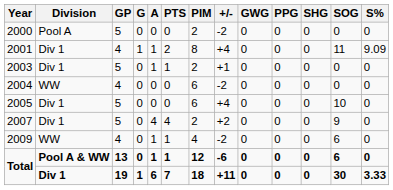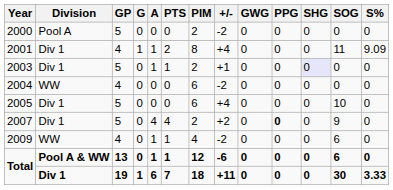 <table class="wikitable">
 <tr>
 <th>Year</th>
 <th>Division</th>
 <th>GP</th>
 <th>G</th>
 <th>A</th>
 <th>PTS</th>
 <th>PIM</th>
 <th>+/-</th>
 <th>GWG</th>
 <th>PPG</th>
 <th>SHG</th>
 <th>SOG</th>
 <th>S%</th>
 </tr>
 <tr>
 <td>2000</td>
 <td>Pool A</td>
 <td>5</td>
 <td>0</td>
 <td>0</td>
 <td>0</td>
 <td>2</td>
 <td>-2</td>
 <td>0</td>
 <td>0</td>
 <td>0</td>
 <td>0</td>
 <td>0</td>
 </tr>
 <tr>
 <td>2001</td>
 <td>Div 1</td>
 <td>4</td>
 <td>1</td>
 <td>1</td>
 <td>2</td>
 <td>8</td>
 <td>+4</td>
 <td>0</td>
 <td>0</td>
 <td>0</td>
 <td>11</td>
 <td>9.09</td>
 </tr>
 <tr>
 <td>2003</td>
 <td>Div 1</td>
 <td>5</td>
 <td>0</td>
 <td>1</td>
 <td>1</td>
 <td>2</td>
 <td>+1</td>
 <td>0</td>
 <td>0</td>
-<td>0</td>
+<td style="background: lavender;">0</td>
 <td>0</td>
 <td>0</td>
 </tr>
 <tr>
 <td>2004</td>
 <td>WW</td>
 <td>4</td>
 <td>0</td>
 <td>0</td>
 <td>0</td>
 <td>6</td>
 <td>-2</td>
 <td>0</td>
 <td>0</td>
 <td>0</td>
 <td>0</td>
 <td>0</td>
 </tr>
 <tr>
 <td>2005</td>
 <td>Div 1</td>
 <td>5</td>
 <td>0</td>
 <td>0</td>
 <td>0</td>
 <td>6</td>
 <td>+4</td>
 <td>0</td>
 <td>0</td>
 <td>0</td>
 <td>10</td>
 <td>0</td>
 </tr>
 <tr>
 <td>2007</td>
 <td>Div 1</td>
 <td>5</td>
 <td>0</td>
 <td>4</td>
 <td>4</td>
 <td>2</td>
 <td>+2</td>
 <td>0</td>
-<td>0</td>
+<td><strong>0</strong></td>
 <td>0</td>
 <td>9</td>
 <td>0</td>
 </tr>
 <tr>
 <td>2009</td>
 <td>WW</td>
 <td>4</td>
 <td>0</td>
 <td>1</td>
 <td>1</td>
 <td>4</td>
 <td>-2</td>
 <td>0</td>
 <td>0</td>
 <td>0</td>
 <td>6</td>
 <td>0</td>
 </tr>
 <tr>
 <td rowspan="2"><strong>Total</strong></td>
 <td><strong>Pool A & WW</strong></td>
 <td><strong>13</strong></td>
 <td><strong>0</strong></td>
 <td><strong>1</strong></td>
 <td><strong>1</strong></td>
 <td><strong>12</strong></td>
 <td><strong>-6</strong></td>
 <td><strong>0</strong></td>
 <td><strong>0</strong></td>
 <td><strong>0</strong></td>
 <td><strong>6</strong></td>
 <td><strong>0</strong></td>
 </tr>
 <tr>
 <td><strong>Div 1</strong></td>
 <td><strong>19</strong></td>
 <td><strong>1</strong></td>
 <td><strong>6</strong></td>
 <td><strong>7</strong></td>
 <td><strong>18</strong></td>
 <td><strong>+11</strong></td>
 <td><strong>0</strong></td>
 <td><strong>0</strong></td>
 <td><strong>0</strong></td>
 <td><strong>30</strong></td>
 <td><strong>3.33</strong></td>
 </tr>
 </table>
